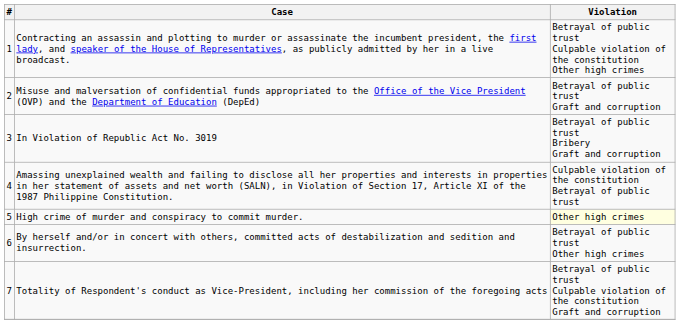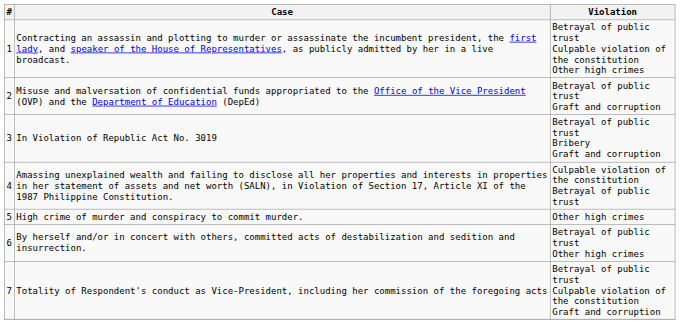 <table class=wikitable style="font-size:90%">
 <tr>
 <th>#</th>
 <th>Case</th>
 <th>Violation</th>
 </tr>
 <tr>
 <td>1</td>
 <td>Contracting an assassin and plotting to murder or assassinate the incumbent president, the <a href='#'>first lady</a>, and <a href='#'>speaker of the House of Representatives</a>, as publicly admitted by her in a live broadcast.</td>
 <td>Betrayal of public trust<br>Culpable violation of the constitution<br>Other high crimes</td>
 </tr>
 <tr>
 <td>2</td>
 <td>Misuse and malversation of confidential funds appropriated to the <a href='#'>Office of the Vice President</a> (OVP) and the <a href='#'>Department of Education</a> (DepEd)</td>
 <td>Betrayal of public trust<br>Graft and corruption</td>
 </tr>
 <tr>
 <td>3</td>
 <td>In Violation of Republic Act No. 3019</td>
 <td>Betrayal of public trust<br>Bribery<br>Graft and corruption</td>
 </tr>
 <tr>
 <td>4</td>
 <td>Amassing unexplained wealth and failing to disclose all her properties and interests in properties in her statement of assets and net worth (SALN), in Violation of Section 17, Article XI of the 1987 Philippine Constitution.</td>
 <td>Culpable violation of the constitution<br>Betrayal of public trust</td>
 </tr>
 <tr>
 <td>5</td>
 <td>High crime of murder and conspiracy to commit murder.</td>
-<td style="background: lightyellow;">Other high crimes</td>
+<td>Other high crimes</td>
 </tr>
 <tr>
 <td>6</td>
 <td>By herself and/or in concert with others, committed acts of destabilization and sedition and insurrection.</td>
 <td>Betrayal of public trust<br>Other high crimes</td>
 </tr>
 <tr>
 <td>7</td>
 <td>Totality of Respondent's conduct as Vice-President, including her commission of the foregoing acts</td>
 <td>Betrayal of public trust<br>Culpable violation of the constitution<br>Graft and corruption</td>
 </tr>
 <tr>
 </tr>
 </table>
